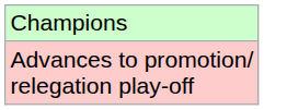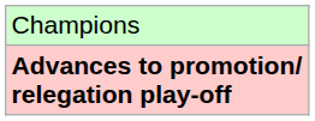 <table class="wikitable">
 <tr style="width:10px;background:#cfc">
 <td>Champions</td>
 </tr>
 <tr style="width:10px;background:#fcc">
-<td>Advances to promotion/<br>relegation play-off</td>
+<td><strong>Advances to promotion/<br>relegation play-off</strong></td>
 </tr>
 </table>
